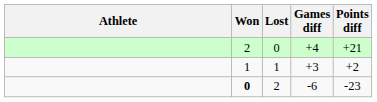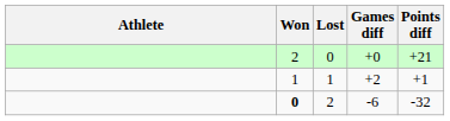 <table class="wikitable">
 <tr>
 <th style="width:18em">Athlete</th>
 <th>Won</th>
 <th>Lost</th>
 <th>Games<br>diff</th>
 <th>Points<br>diff</th>
 </tr>
 <tr bgcolor="#ccffcc">
 <td></td>
 <td align="center">2</td>
 <td align="center">0</td>
-<td align="center">+4</td>
+<td align="center">+0</td>
 <td align="center">+21</td>
 </tr>
 <tr>
 <td></td>
 <td align="center">1</td>
 <td align="center">1</td>
-<td align="center">+3</td>
 <td align="center">+2</td>
+<td align="center">+1</td>
 </tr>
 <tr>
 <td></td>
 <td align="center"><strong>0</strong></td>
 <td align="center">2</td>
 <td align="center">-6</td>
-<td align="center">-23</td>
+<td align="center">-32</td>
 </tr>
 </table>
